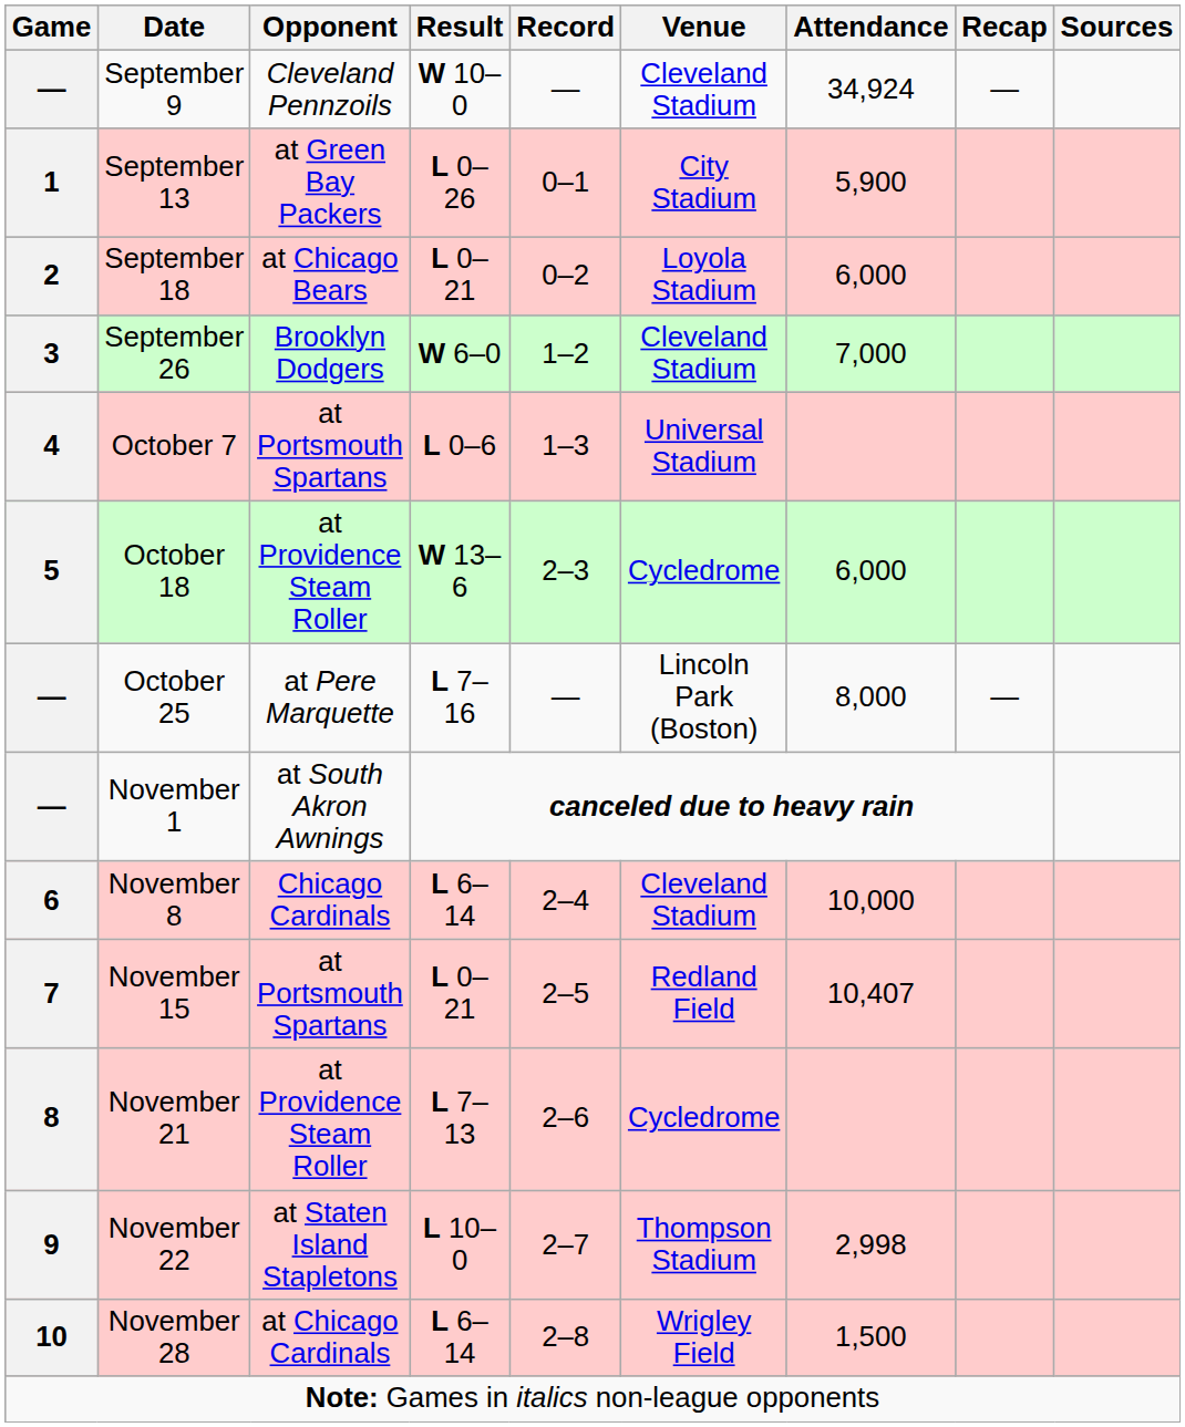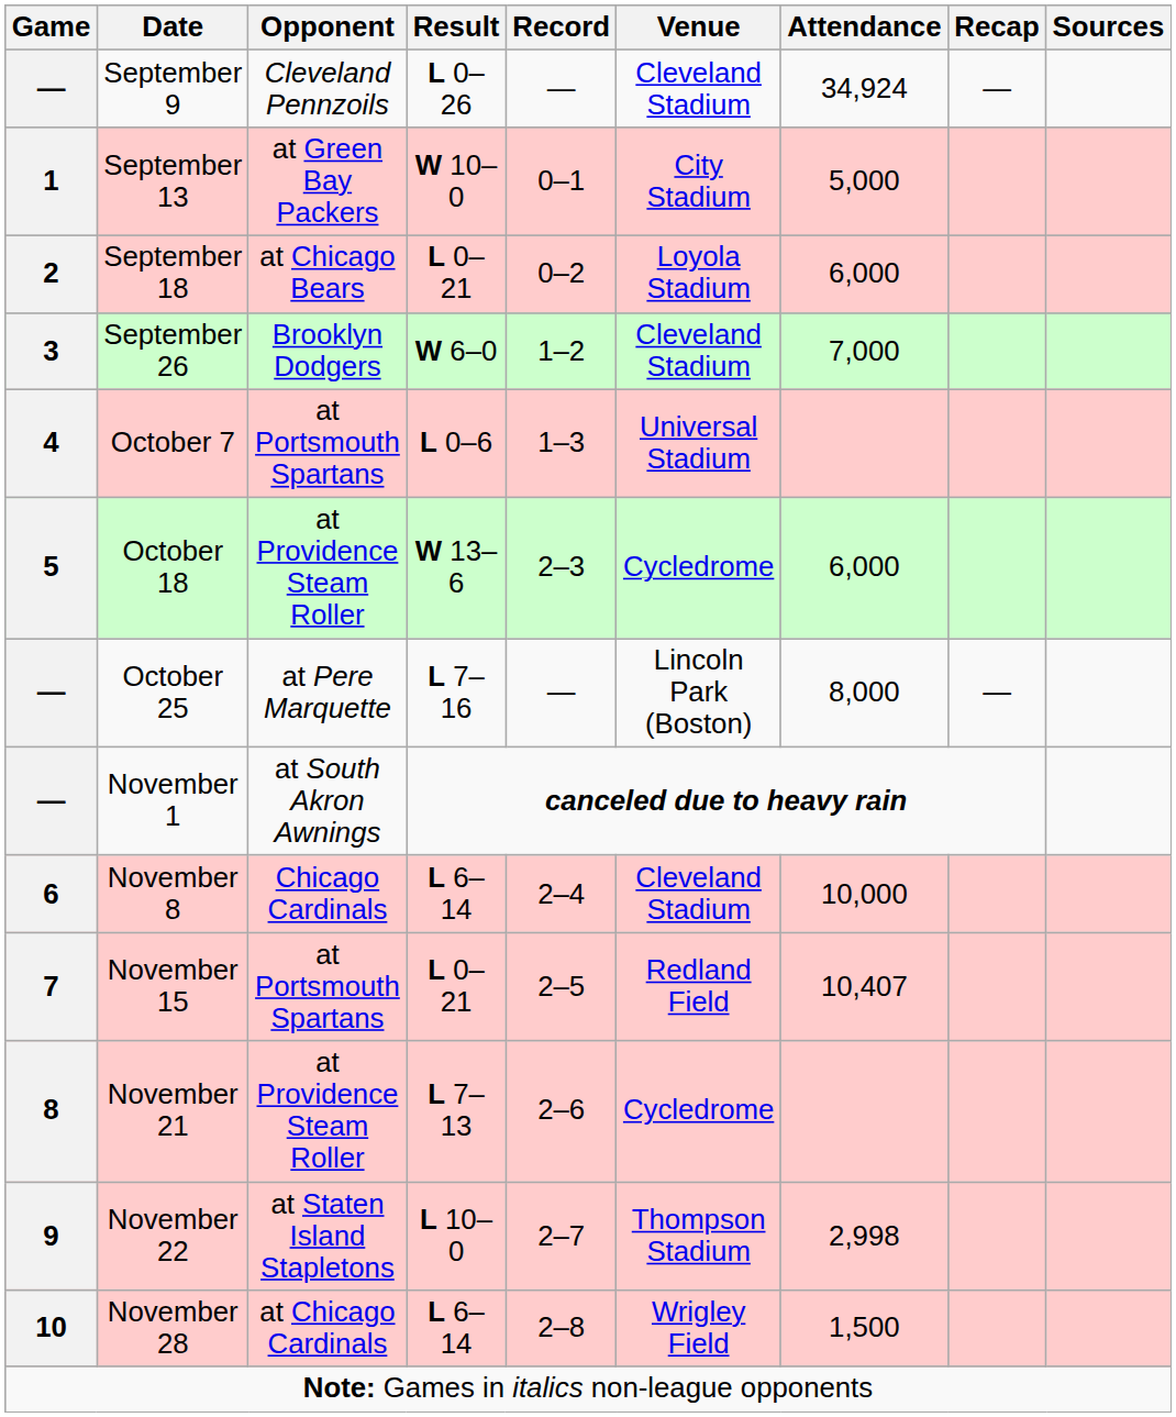 <table class="wikitable" style="text-align:center">
 <tr>
 <th>Game</th>
 <th>Date</th>
 <th>Opponent</th>
 <th>Result</th>
 <th>Record</th>
 <th>Venue</th>
 <th>Attendance</th>
 <th>Recap</th>
 <th>Sources</th>
 </tr>
 <tr>
 <th>—</th>
 <td>September 9</td>
 <td><em>Cleveland Pennzoils</em></td>
-<td><strong>W</strong> 10–0</td>
+<td><strong>L</strong> 0–26</td>
 <td>—</td>
 <td><a href='#'>Cleveland Stadium</a></td>
 <td>34,924</td>
 <td>—</td>
 <td></td>
 </tr>
 <tr style="background:#fcc">
 <th>1</th>
 <td>September 13</td>
 <td>at <a href='#'>Green Bay Packers</a></td>
-<td><strong>L</strong> 0–26</td>
+<td><strong>W</strong> 10–0</td>
 <td>0–1</td>
 <td><a href='#'>City Stadium</a></td>
-<td>5,900</td>
+<td>5,000</td>
 <td></td>
 <td></td>
 </tr>
 <tr style="background:#fcc">
 <th>2</th>
 <td>September 18</td>
 <td>at <a href='#'>Chicago Bears</a></td>
 <td><strong>L</strong> 0–21</td>
 <td>0–2</td>
 <td><a href='#'>Loyola Stadium</a></td>
 <td>6,000</td>
 <td></td>
 <td></td>
 </tr>
 <tr style="background:#cfc">
 <th>3</th>
 <td>September 26</td>
 <td><a href='#'>Brooklyn Dodgers</a></td>
 <td><strong>W</strong> 6–0</td>
 <td>1–2</td>
 <td><a href='#'>Cleveland Stadium</a></td>
 <td>7,000</td>
 <td></td>
 <td></td>
 </tr>
 <tr style="background:#fcc">
 <th>4</th>
 <td>October 7</td>
 <td>at <a href='#'>Portsmouth Spartans</a></td>
 <td><strong>L</strong> 0–6</td>
 <td>1–3</td>
 <td><a href='#'>Universal Stadium</a></td>
 <td></td>
 <td></td>
 <td></td>
 </tr>
 <tr style="background:#cfc">
 <th>5</th>
 <td>October 18</td>
 <td>at <a href='#'>Providence Steam Roller</a></td>
 <td><strong>W</strong> 13–6</td>
 <td>2–3</td>
 <td><a href='#'>Cycledrome</a></td>
 <td>6,000</td>
 <td></td>
 <td></td>
 </tr>
 <tr>
 <th>—</th>
 <td>October 25</td>
 <td>at <em>Pere Marquette</em></td>
 <td><strong>L</strong> 7–16</td>
 <td>—</td>
 <td>Lincoln Park (Boston)</td>
 <td>8,000</td>
 <td>—</td>
 <td></td>
 </tr>
 <tr>
 <th>—</th>
 <td>November 1</td>
 <td>at <em>South Akron Awnings</em></td>
 <td colspan="5"><strong><em>canceled due to heavy rain</em></strong></td>
 <td></td>
 </tr>
 <tr style="background:#fcc">
 <th>6</th>
 <td>November 8</td>
 <td><a href='#'>Chicago Cardinals</a></td>
 <td><strong>L</strong> 6–14</td>
 <td>2–4</td>
 <td><a href='#'>Cleveland Stadium</a></td>
 <td>10,000</td>
 <td></td>
 <td></td>
 </tr>
 <tr style="background:#fcc">
 <th>7</th>
 <td>November 15</td>
 <td>at <a href='#'>Portsmouth Spartans</a></td>
 <td><strong>L</strong> 0–21</td>
 <td>2–5</td>
 <td><a href='#'>Redland Field</a></td>
 <td>10,407</td>
 <td></td>
 <td></td>
 </tr>
 <tr style="background:#fcc">
 <th>8</th>
 <td>November 21</td>
 <td>at <a href='#'>Providence Steam Roller</a></td>
 <td><strong>L</strong> 7–13</td>
 <td>2–6</td>
 <td><a href='#'>Cycledrome</a></td>
 <td></td>
 <td></td>
 <td></td>
 </tr>
 <tr style="background:#fcc">
 <th>9</th>
 <td>November 22</td>
 <td>at <a href='#'>Staten Island Stapletons</a></td>
 <td><strong>L</strong> 10–0</td>
 <td>2–7</td>
 <td><a href='#'>Thompson Stadium</a></td>
 <td>2,998</td>
 <td></td>
 <td></td>
 </tr>
 <tr style="background:#fcc">
 <th>10</th>
 <td>November 28</td>
 <td>at <a href='#'>Chicago Cardinals</a></td>
 <td><strong>L</strong> 6–14</td>
 <td>2–8</td>
 <td><a href='#'>Wrigley Field</a></td>
 <td>1,500</td>
 <td></td>
 <td></td>
 </tr>
 <tr>
 <td colspan="10"><strong>Note:</strong> Games in <em>italics</em> non-league opponents</td>
 </tr>
 </table>
